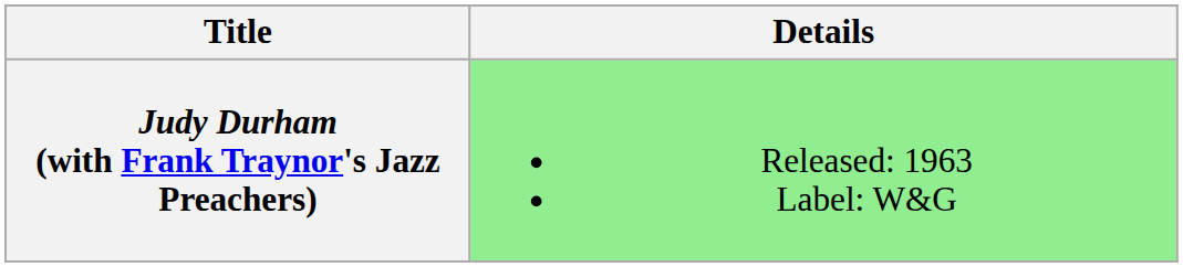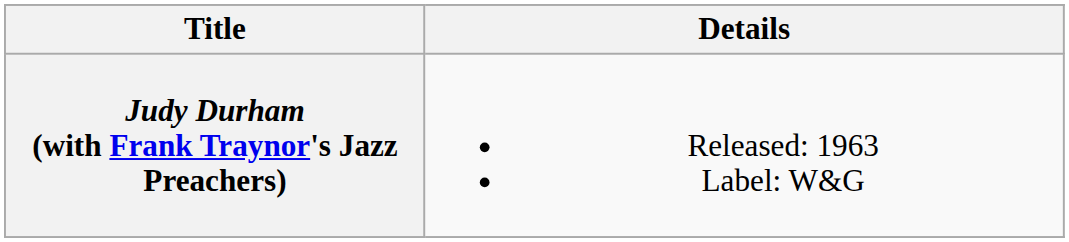 <table class="wikitable plainrowheaders" style="text-align:center;">
 <tr>
 <th scope="col" rowspan="1" style="width:13em;">Title</th>
 <th scope="col" rowspan="1" style="width:20em;">Details</th>
 </tr>
 <tr>
 <th scope="row"><em>Judy Durham</em> <br> (with <a href='#'>Frank Traynor</a>'s Jazz Preachers)</th>
-<td style="background: lightgreen;"><br><ul><li>Released: 1963</li><li>Label: W&G</li></ul></td>
+<td><br><ul><li>Released: 1963</li><li>Label: W&G</li></ul></td>
 </tr>
 </table>
